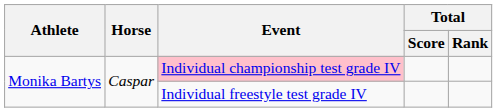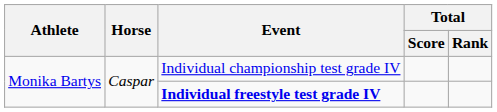 <table class=wikitable style="font-size:90%">
 <tr>
 <th rowspan="2">Athlete</th>
 <th rowspan="2">Horse</th>
 <th rowspan="2">Event</th>
 <th colspan="2">Total</th>
 </tr>
 <tr>
 <th>Score</th>
 <th>Rank</th>
 </tr>
 <tr>
 <td rowspan="2"><a href='#'>Monika Bartys</a></td>
 <td rowspan="2"><em>Caspar</em></td>
-<td style="background: pink;"><a href='#'>Individual championship test grade IV</a></td>
+<td><a href='#'>Individual championship test grade IV</a></td>
 <td align=center></td>
 <td align=center></td>
 </tr>
 <tr>
-<td><a href='#'>Individual freestyle test grade IV</a></td>
+<td><strong><a href='#'>Individual freestyle test grade IV</a></strong></td>
 <td align=center></td>
 <td align=center></td>
 </tr>
 </table>
